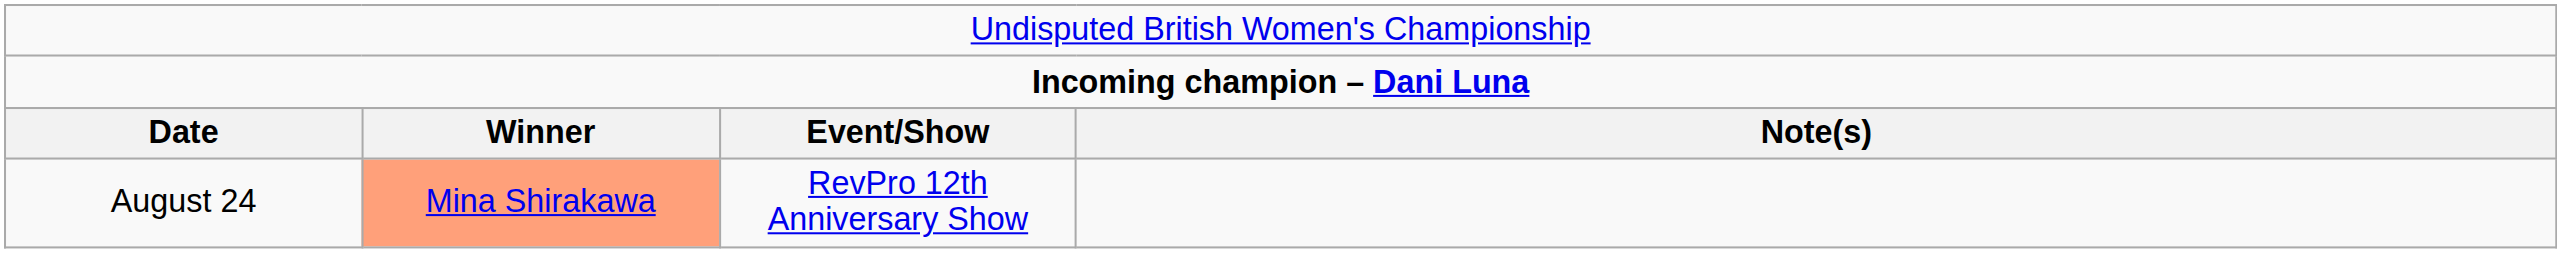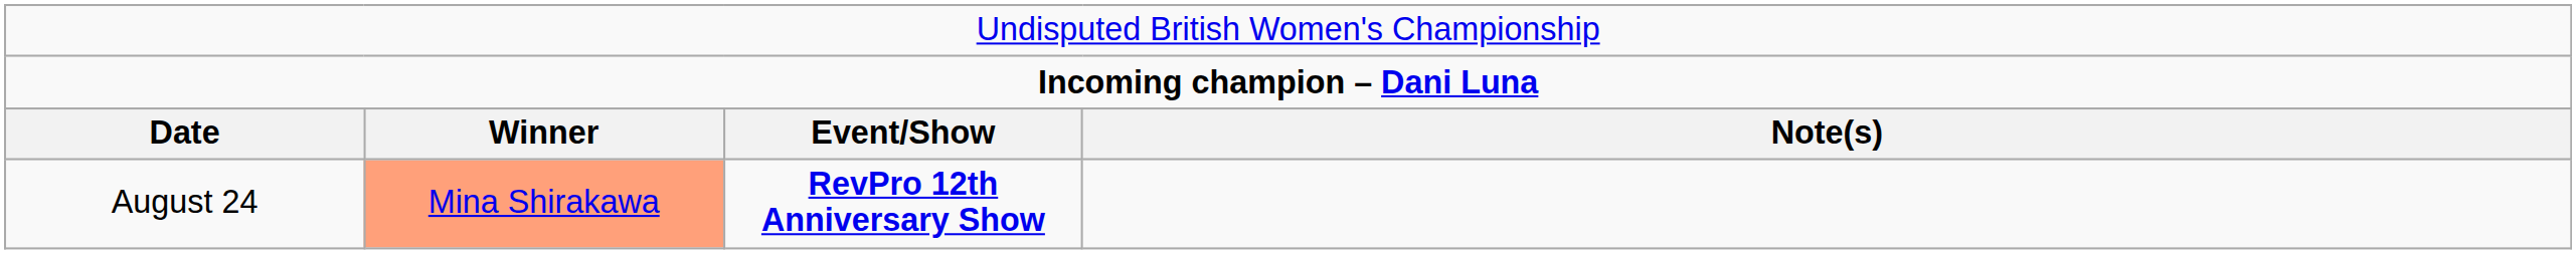 <table class="wikitable" style="text-align:center; width:100%;">
 <tr>
 <td colspan="4" style="text-align: center;"><a href='#'>Undisputed British Women's Championship</a></td>
 </tr>
 <tr>
 <td colspan="4" style="text-align: center;"><strong>Incoming champion – <a href='#'>Dani Luna</a></strong></td>
 </tr>
 <tr>
 <th width=14%>Date</th>
 <th width=14%>Winner</th>
 <th width=14%>Event/Show</th>
 <th width=58%>Note(s)</th>
 </tr>
 <tr>
 <td>August 24</td>
 <td style="background: lightsalmon;"><a href='#'>Mina Shirakawa</a></td>
-<td><a href='#'>RevPro 12th Anniversary Show</a></td>
+<td><strong><a href='#'>RevPro 12th Anniversary Show</a></strong></td>
 <td></td>
 </tr>
 </table>
